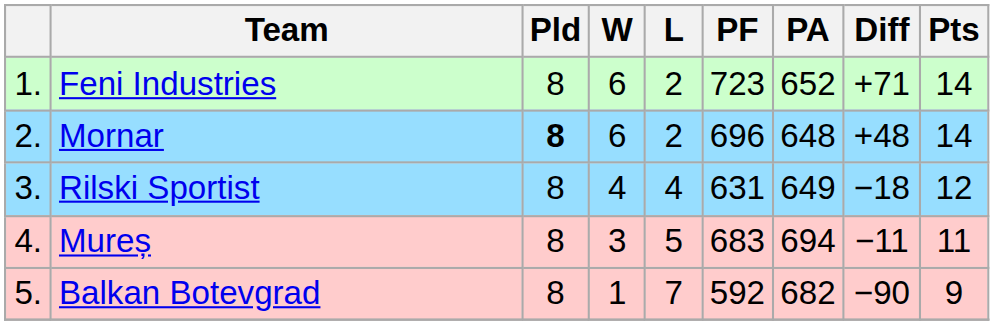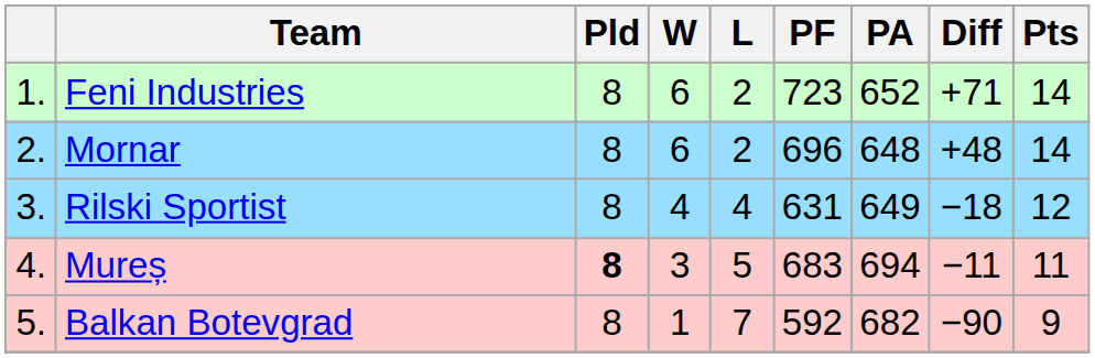 <table class="wikitable" style="text-align:center">
 <tr>
 <th width="15"></th>
 <th width="220">Team</th>
 <th width="20">Pld</th>
 <th width="20">W</th>
 <th width="20">L</th>
 <th width="20">PF</th>
 <th width="20">PA</th>
 <th width="30">Diff</th>
 <th width="20">Pts</th>
 </tr>
 <tr bgcolor="#ccffcc">
 <td>1.</td>
 <td align="left"> <a href='#'>Feni Industries</a></td>
 <td>8</td>
 <td>6</td>
 <td>2</td>
 <td>723</td>
 <td>652</td>
 <td>+71</td>
 <td>14</td>
 </tr>
 <tr bgcolor="#97DEFF">
 <td>2.</td>
 <td align="left"> <a href='#'>Mornar</a></td>
-<td><strong>8</strong></td>
+<td>8</td>
 <td>6</td>
 <td>2</td>
 <td>696</td>
 <td>648</td>
 <td>+48</td>
 <td>14</td>
 </tr>
 <tr bgcolor="#97DEFF">
 <td>3.</td>
 <td align="left"> <a href='#'>Rilski Sportist</a></td>
 <td>8</td>
 <td>4</td>
 <td>4</td>
 <td>631</td>
 <td>649</td>
 <td>−18</td>
 <td>12</td>
 </tr>
 <tr bgcolor="#ffcccc">
 <td>4.</td>
 <td align="left"> <a href='#'>Mureș</a></td>
-<td>8</td>
+<td><strong>8</strong></td>
 <td>3</td>
 <td>5</td>
 <td>683</td>
 <td>694</td>
 <td>−11</td>
 <td>11</td>
 </tr>
 <tr bgcolor="#ffcccc">
 <td>5.</td>
 <td align="left"> <a href='#'>Balkan Botevgrad</a></td>
 <td>8</td>
 <td>1</td>
 <td>7</td>
 <td>592</td>
 <td>682</td>
 <td>−90</td>
 <td>9</td>
 </tr>
 <tr>
 </tr>
 </table>
